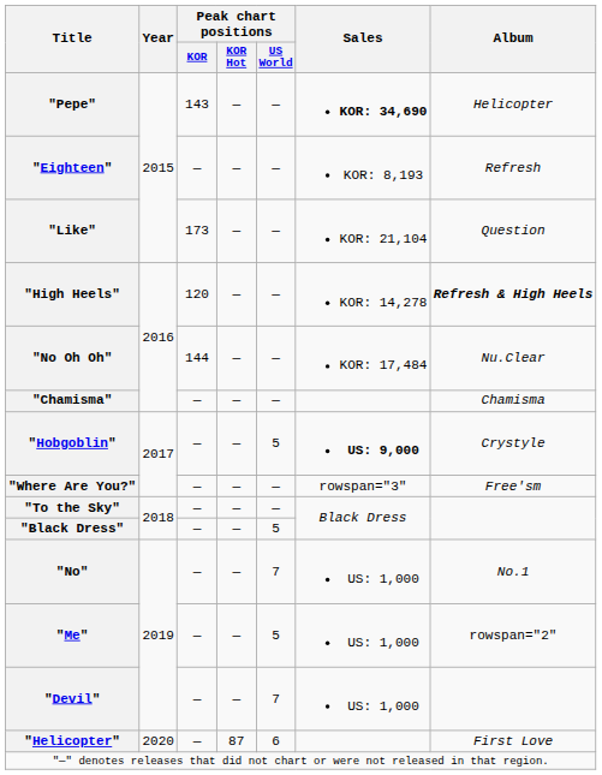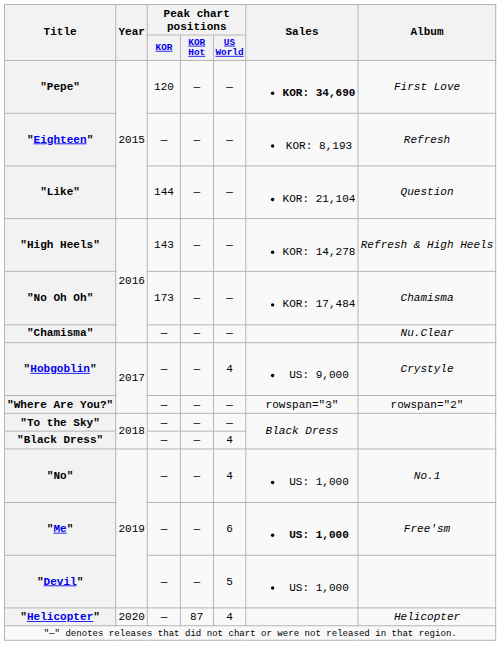 <table class="wikitable plainrowheaders" style="text-align:center;" border="1">
 <tr>
 <th scope="col" rowspan="2">Title</th>
 <th scope="col" rowspan="2">Year</th>
 <th scope="col" colspan="3">Peak chart positions</th>
 <th scope="col" rowspan="2">Sales<br></th>
 <th scope="col" rowspan="2">Album</th>
 </tr>
 <tr>
 <th scope="col" style="font-size:85%; width:3em"><a href='#'>KOR</a><br></th>
 <th scope="col" style="font-size:85%; width:3em"><a href='#'>KOR<br>Hot</a><br></th>
 <th scope="col" style="font-size:85%; width:3em"><a href='#'>US<br>World</a><br></th>
 </tr>
 <tr>
 <th scope="row">"Pepe"</th>
 <td rowspan="3">2015</td>
-<td>143</td>
+<td>120</td>
 <td>—</td>
 <td>—</td>
 <td><strong><br><ul><li>KOR: 34,690</li></ul></strong></td>
-<td><em>Helicopter</em></td>
+<td><em>First Love</em></td>
 </tr>
 <tr>
 <th scope="row">"<a href='#'>Eighteen</a>"</th>
 <td>—</td>
 <td>—</td>
 <td>—</td>
 <td><br><ul><li>KOR: 8,193</li></ul></td>
 <td><em>Refresh</em></td>
 </tr>
 <tr>
 <th scope="row">"Like" </th>
-<td>173</td>
+<td>144</td>
 <td>—</td>
 <td>—</td>
 <td><br><ul><li>KOR: 21,104</li></ul></td>
 <td><em>Question</em></td>
 </tr>
 <tr>
 <th scope="row">"High Heels" </th>
 <td rowspan="3">2016</td>
-<td>120</td>
+<td>143</td>
 <td>—</td>
 <td>—</td>
 <td><br><ul><li>KOR: 14,278</li></ul></td>
-<td><strong><em>Refresh & High Heels</em></strong></td>
+<td><em>Refresh & High Heels</em></td>
 </tr>
 <tr>
 <th scope="row">"No Oh Oh" </th>
-<td>144</td>
+<td>173</td>
 <td>—</td>
 <td>—</td>
 <td><br><ul><li>KOR: 17,484</li></ul></td>
-<td><em>Nu.Clear</em></td>
+<td><em>Chamisma</em></td>
 </tr>
 <tr>
 <th scope="row">"Chamisma"</th>
 <td>—</td>
 <td>—</td>
 <td>—</td>
 <td></td>
-<td><em>Chamisma</em></td>
+<td><em>Nu.Clear</em></td>
 </tr>
 <tr>
 <th scope="row">"<a href='#'>Hobgoblin</a>" </th>
 <td rowspan="2">2017</td>
 <td>—</td>
 <td>—</td>
-<td>5</td>
-<td><strong><br><ul><li>US: 9,000</li></ul></strong></td>
+<td>4</td>
+<td><br><ul><li>US: 9,000</li></ul></td>
 <td><em>Crystyle</em></td>
 </tr>
 <tr>
 <th scope="row">"Where Are You?" </th>
 <td>—</td>
 <td>—</td>
 <td>—</td>
 <td>rowspan="3" </td>
-<td><em>Free'sm</em></td>
+<td>rowspan="2" </td>
 </tr>
 <tr>
 <th scope="row">"To the Sky"</th>
 <td rowspan="2">2018</td>
 <td>—</td>
 <td>—</td>
 <td>—</td>
 <td rowspan="2"><em>Black Dress</em></td>
 </tr>
 <tr>
 <th scope="row">"Black Dress"</th>
 <td>—</td>
 <td>—</td>
-<td>5</td>
+<td>4</td>
 </tr>
 <tr>
 <th scope="row">"No"</th>
 <td rowspan="3">2019</td>
 <td>—</td>
 <td>—</td>
-<td>7</td>
+<td>4</td>
 <td><br><ul><li>US: 1,000</li></ul></td>
 <td><em>No.1</em></td>
 </tr>
 <tr>
 <th scope="row">"<a href='#'>Me</a>" </th>
 <td>—</td>
 <td>—</td>
-<td>5</td>
-<td><br><ul><li>US: 1,000</li></ul></td>
-<td>rowspan="2" </td>
+<td>6</td>
+<td><strong><br><ul><li>US: 1,000</li></ul></strong></td>
+<td><em>Free'sm</em></td>
 </tr>
 <tr>
 <th scope="row">"<a href='#'>Devil</a>"</th>
 <td>—</td>
 <td>—</td>
-<td>7</td>
+<td>5</td>
 <td><br><ul><li>US: 1,000</li></ul></td>
 </tr>
 <tr>
 <th scope="row">"<a href='#'>Helicopter</a>"</th>
 <td>2020</td>
 <td>—</td>
 <td>87</td>
-<td>6</td>
+<td>4</td>
 <td></td>
-<td><em>First Love</em></td>
+<td><em>Helicopter</em></td>
 </tr>
 <tr>
 <td colspan="7" style="font-size:8pt">"—" denotes releases that did not chart or were not released in that region.</td>
 </tr>
 </table>
